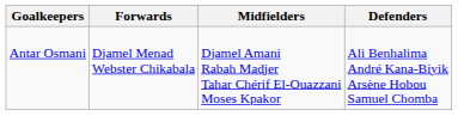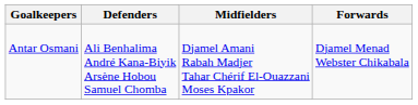 <table class="wikitable" style="margin:0 auto">
 <tr>
 <th>Goalkeepers</th>
+<th>Defenders</th>
+<th>Midfielders</th>
 <th>Forwards</th>
-<th>Midfielders</th>
-<th>Defenders</th>
 </tr>
 <tr>
 <td align=left valign=top><br> <a href='#'>Antar Osmani</a></td>
+<td align=left valign=top><br> <a href='#'>Ali Benhalima</a> <br>  <a href='#'>André Kana-Biyik</a> <br>  <a href='#'>Arsène Hobou</a> <br>  <a href='#'>Samuel Chomba</a></td>
+<td align=left valign=top><br> <a href='#'>Djamel Amani</a> <br>  <a href='#'>Rabah Madjer</a> <br>  <a href='#'>Tahar Chérif El-Ouazzani</a> <br>  <a href='#'>Moses Kpakor</a></td>
 <td align=left valign=top><br> <a href='#'>Djamel Menad</a> <br>  <a href='#'>Webster Chikabala</a></td>
-<td align=left valign=top><br> <a href='#'>Djamel Amani</a> <br>  <a href='#'>Rabah Madjer</a> <br>  <a href='#'>Tahar Chérif El-Ouazzani</a> <br>  <a href='#'>Moses Kpakor</a></td>
-<td align=left valign=top><br> <a href='#'>Ali Benhalima</a> <br>  <a href='#'>André Kana-Biyik</a> <br>  <a href='#'>Arsène Hobou</a> <br>  <a href='#'>Samuel Chomba</a></td>
 </tr>
 </table>
